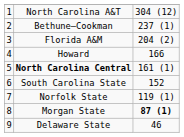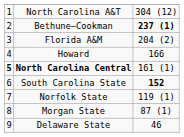 <table class="wikitable">
 <tr align="center">
 </tr>
 <tr align="center">
 <td>1</td>
 <td>North Carolina A&T</td>
 <td>304 (12)</td>
 </tr>
 <tr align="center">
 <td>2</td>
 <td>Bethune–Cookman</td>
-<td>237 (1)</td>
+<td><strong>237 (1)</strong></td>
 </tr>
 <tr align="center">
 <td>3</td>
 <td>Florida A&M</td>
 <td>204 (2)</td>
 </tr>
 <tr align="center">
 <td>4</td>
 <td>Howard</td>
 <td>166</td>
 </tr>
 <tr align="center">
-<td>5</td>
+<td><strong>5</strong></td>
 <td><strong>North Carolina Central</strong></td>
 <td>161 (1)</td>
 </tr>
 <tr align="center">
 <td>6</td>
 <td>South Carolina State</td>
-<td>152</td>
+<td><strong>152</strong></td>
 </tr>
 <tr align="center">
 <td>7</td>
 <td>Norfolk State</td>
 <td>119 (1)</td>
 </tr>
 <tr align="center">
 <td>8</td>
 <td>Morgan State</td>
-<td><strong>87 (1)</strong></td>
+<td>87 (1)</td>
 </tr>
 <tr align="center">
 <td>9</td>
 <td>Delaware State</td>
 <td>46</td>
 </tr>
 </table>
